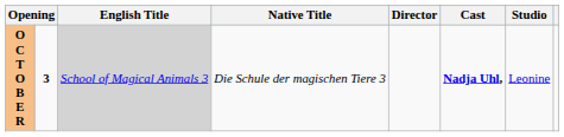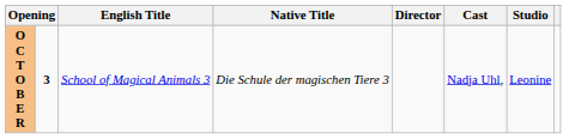 <table class="wikitable sortable">
 <tr style="background:#b0e0e6; text-align:center;">
 <th colspan="2">Opening</th>
 <th>English Title</th>
 <th>Native Title</th>
 <th>Director</th>
 <th>Cast</th>
 <th>Studio</th>
 <th></th>
 </tr>
 <tr>
 <th rowspan="6" style="text-align:center; background:#f7bf87; ">O<br>C<br>T<br>O<br>B<br>E<br>R</th>
 <td rowspan="2" style="text-align:center"><strong>3</strong></td>
-<td style="background: lightgrey;"><em><a href='#'>School of Magical Animals 3</a></em></td>
+<td><em><a href='#'>School of Magical Animals 3</a></em></td>
 <td><em>Die Schule der magischen Tiere 3</em></td>
 <td></td>
-<td><strong><a href='#'>Nadja Uhl</a>, </strong></td>
+<td><a href='#'>Nadja Uhl</a>, </td>
 <td><a href='#'>Leonine</a></td>
 <td></td>
 </tr>
 </table>
